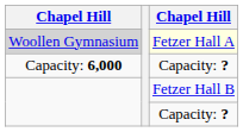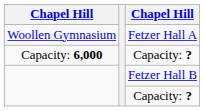 <table class="wikitable" style="text-align:center">
 <tr>
 <th><a href='#'>Chapel Hill</a></th>
 <th rowspan=5><div></div></th>
 <th><a href='#'>Chapel Hill</a></th>
 </tr>
 <tr>
-<td style="background: lightgrey;"><a href='#'>Woollen Gymnasium</a></td>
-<td style="background: lightyellow;"><a href='#'>Fetzer Hall A</a></td>
+<td><a href='#'>Woollen Gymnasium</a></td>
+<td><a href='#'>Fetzer Hall A</a></td>
 </tr>
 <tr>
 <td>Capacity: <strong>6,000</strong></td>
 <td>Capacity: <strong>?</strong></td>
 </tr>
 <tr>
 <td rowspan=2></td>
 <td><a href='#'>Fetzer Hall B</a></td>
 </tr>
 <tr>
 <td>Capacity: <strong>?</strong></td>
 </tr>
 </table>
